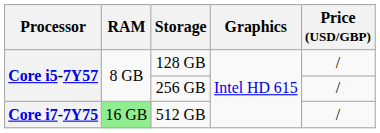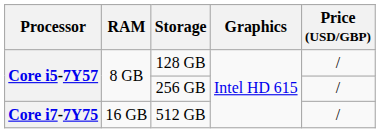 <table class="wikitable sortable" style="font-size:90%;text-align:center;">
 <tr>
 <th>Processor</th>
 <th>RAM</th>
 <th>Storage</th>
 <th>Graphics</th>
 <th>Price<br><small>(USD/GBP)</small></th>
 </tr>
 <tr>
 <th rowspan=2><a href='#'>Core i5</a>-<a href='#'>7Y57</a></th>
 <td rowspan=2>8 GB</td>
 <td>128 GB</td>
 <td rowspan=3><a href='#'>Intel HD 615</a></td>
 <td> / </td>
 </tr>
 <tr>
 <td>256 GB</td>
 <td> / </td>
 </tr>
 <tr>
 <th rowspan=2><a href='#'>Core i7</a>-<a href='#'>7Y75</a></th>
-<td style="background: lightgreen;">16 GB</td>
+<td>16 GB</td>
 <td>512 GB</td>
 <td> / </td>
 </tr>
 </table>
